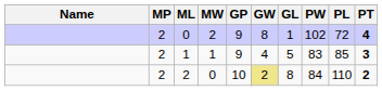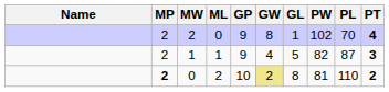 <table class=wikitable style="text-align:center">
 <tr>
 <th width=175>Name</th>
 <th width=20>MP</th>
+<th width=20>MW</th>
 <th width=20>ML</th>
-<th width=20>MW</th>
 <th width=20>GP</th>
 <th width=20>GW</th>
 <th width=20>GL</th>
 <th width=20>PW</th>
 <th width=20>PL</th>
 <th width=20>PT</th>
 </tr>
 <tr style="background-color:#ccccff;">
 <td style="text-align:left;"><strong></strong></td>
 <td>2</td>
+<td>2</td>
 <td>0</td>
-<td>2</td>
 <td>9</td>
 <td>8</td>
 <td>1</td>
 <td>102</td>
-<td>72</td>
+<td>70</td>
 <td><strong>4</strong></td>
 </tr>
 <tr>
 <td style="text-align:left;"></td>
 <td>2</td>
 <td>1</td>
 <td>1</td>
 <td>9</td>
 <td>4</td>
 <td>5</td>
-<td>83</td>
-<td>85</td>
+<td>82</td>
+<td>87</td>
 <td><strong>3</strong></td>
 </tr>
 <tr>
 <td style="text-align:left;"></td>
+<td><strong>2</strong></td>
+<td>0</td>
 <td>2</td>
-<td>2</td>
-<td>0</td>
 <td>10</td>
 <td style="background: khaki;">2</td>
 <td>8</td>
-<td>84</td>
+<td>81</td>
 <td>110</td>
 <td><strong>2</strong></td>
 </tr>
 </table>
